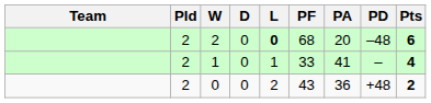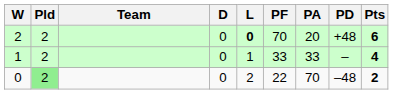 <table class="wikitable" style="text-align:center;">
 <tr>
+<th width=25 abbr="Won">W</th>
+<th width=25 abbr="Played">Pld</th>
 <th width=175>Team</th>
-<th width=25 abbr="Played">Pld</th>
-<th width=25 abbr="Won">W</th>
 <th width=25 abbr="Drawn">D</th>
 <th width=25 abbr="Lost">L</th>
 <th width=32 abbr="Points for">PF</th>
 <th width=32 abbr="Points against">PA</th>
 <th width=32 abbr="Points difference">PD</th>
 <th width=25 abbr="Points">Pts</th>
 </tr>
 <tr bgcolor=ccffcc>
-<td align=left></td>
 <td>2</td>
 <td>2</td>
+<td align=left></td>
 <td>0</td>
 <td><strong>0</strong></td>
-<td>68</td>
+<td>70</td>
 <td>20</td>
-<td>–48</td>
+<td>+48</td>
 <td><strong>6</strong></td>
 </tr>
 <tr bgcolor=ccffcc>
+<td>1</td>
+<td>2</td>
 <td align=left></td>
-<td>2</td>
-<td>1</td>
 <td>0</td>
 <td>1</td>
 <td>33</td>
-<td>41</td>
+<td>33</td>
 <td>–</td>
 <td><strong>4</strong></td>
 </tr>
 <tr>
+<td>0</td>
+<td style="background: lightgreen;">2</td>
 <td align=left></td>
-<td>2</td>
-<td>0</td>
 <td>0</td>
 <td>2</td>
-<td>43</td>
-<td>36</td>
-<td>+48</td>
+<td>22</td>
+<td>70</td>
+<td>–48</td>
 <td><strong>2</strong></td>
 </tr>
 </table>
